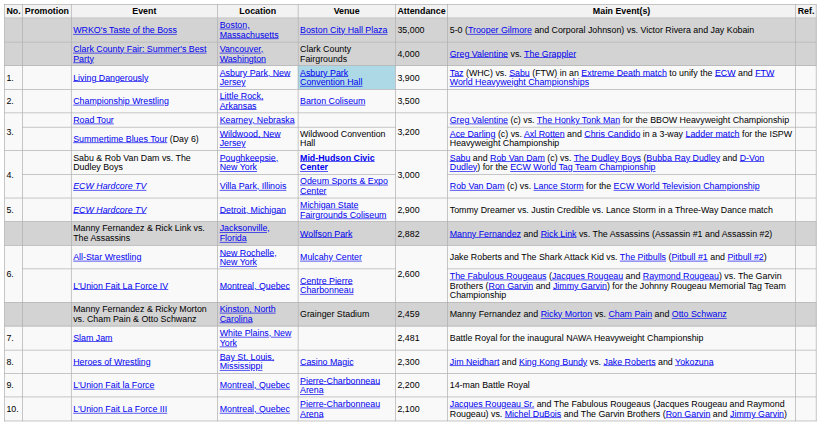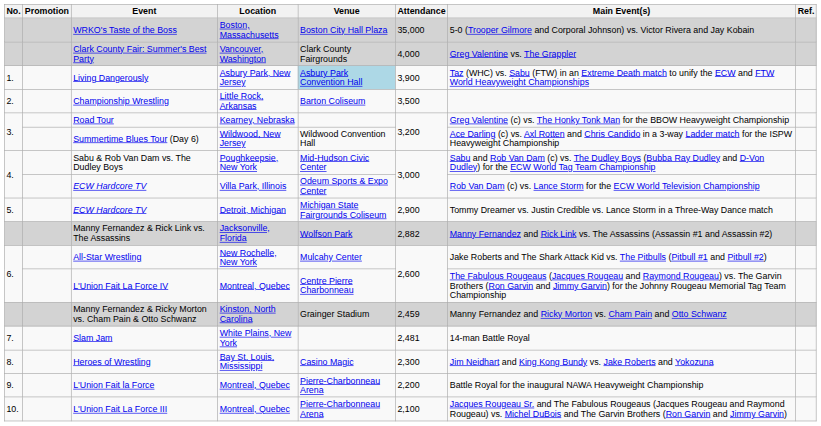 <table class="wikitable sortable" style="font-size:85%;">
 <tr>
 <th>No.</th>
 <th>Promotion</th>
 <th>Event</th>
 <th>Location</th>
 <th>Venue</th>
 <th>Attendance</th>
 <th class=unsortable>Main Event(s)</th>
 <th class=unsortable>Ref.</th>
 </tr>
 <tr>
 <td bgcolor=lightgrey></td>
 <td bgcolor=lightgrey></td>
 <td bgcolor=lightgrey><a href='#'>WRKO's Taste of the Boss</a> <br> </td>
 <td bgcolor=lightgrey><a href='#'>Boston, Massachusetts</a></td>
 <td bgcolor=lightgrey><a href='#'>Boston City Hall Plaza</a></td>
 <td bgcolor=lightgrey>35,000</td>
 <td bgcolor=lightgrey>5-0 (<a href='#'>Trooper Gilmore</a> and Corporal Johnson) vs. Victor Rivera  and Jay Kobain</td>
 <td bgcolor=lightgrey></td>
 </tr>
 <tr>
 <td bgcolor=lightgrey></td>
 <td bgcolor=lightgrey></td>
 <td bgcolor=lightgrey><a href='#'>Clark County Fair: Summer's Best Party</a> <br> </td>
 <td bgcolor=lightgrey><a href='#'>Vancouver, Washington</a></td>
 <td bgcolor=lightgrey>Clark County Fairgrounds</td>
 <td bgcolor=lightgrey>4,000</td>
 <td bgcolor=lightgrey><a href='#'>Greg Valentine</a> vs. <a href='#'>The Grappler</a></td>
 <td bgcolor=lightgrey></td>
 </tr>
 <tr>
 <td>1.</td>
 <td></td>
 <td><a href='#'>Living Dangerously</a> <br> </td>
 <td><a href='#'>Asbury Park, New Jersey</a></td>
 <td style="background: lightblue;"><a href='#'>Asbury Park Convention Hall</a></td>
 <td>3,900</td>
 <td><a href='#'>Taz</a> (WHC) vs. <a href='#'>Sabu</a> (FTW) in an <a href='#'>Extreme Death match</a> to unify the <a href='#'>ECW</a> and <a href='#'>FTW World Heavyweight Championships</a></td>
 <td></td>
 </tr>
 <tr>
 <td>2.</td>
 <td></td>
 <td><a href='#'>Championship Wrestling</a> <br> </td>
 <td><a href='#'>Little Rock, Arkansas</a></td>
 <td><a href='#'>Barton Coliseum</a></td>
 <td>3,500</td>
 <td></td>
 <td></td>
 </tr>
 <tr>
 <td rowspan=2>3.</td>
 <td></td>
 <td><a href='#'>Road Tour</a> <br> </td>
 <td><a href='#'>Kearney, Nebraska</a></td>
 <td></td>
 <td rowspan=2>3,200</td>
 <td><a href='#'>Greg Valentine</a> (c) vs. <a href='#'>The Honky Tonk Man</a> for the BBOW Heavyweight Championship</td>
 <td></td>
 </tr>
 <tr>
 <td></td>
 <td><a href='#'>Summertime Blues Tour</a> (Day 6) <br> </td>
 <td><a href='#'>Wildwood, New Jersey</a></td>
 <td>Wildwood Convention Hall</td>
 <td><a href='#'>Ace Darling</a> (c) vs. <a href='#'>Axl Rotten</a> and <a href='#'>Chris Candido</a> in a 3-way <a href='#'>Ladder match</a> for the ISPW Heavyweight Championship</td>
 <td></td>
 </tr>
 <tr>
 <td rowspan="2">4.</td>
 <td></td>
 <td>Sabu & Rob Van Dam vs. The Dudley Boys <br> </td>
 <td><a href='#'>Poughkeepsie, New York</a></td>
-<td><strong><a href='#'>Mid-Hudson Civic Center</a></strong></td>
+<td><a href='#'>Mid-Hudson Civic Center</a></td>
 <td rowspan="2">3,000</td>
 <td><a href='#'>Sabu</a> and <a href='#'>Rob Van Dam</a> (c) vs. <a href='#'>The Dudley Boys</a> (<a href='#'>Bubba Ray Dudley</a> and <a href='#'>D-Von Dudley</a>) for the <a href='#'>ECW World Tag Team Championship</a></td>
 <td></td>
 </tr>
 <tr>
 <td></td>
 <td><em><a href='#'>ECW Hardcore TV</a></em> <br> </td>
 <td><a href='#'>Villa Park, Illinois</a></td>
 <td><a href='#'>Odeum Sports & Expo Center</a></td>
 <td><a href='#'>Rob Van Dam</a> (c) vs. <a href='#'>Lance Storm</a> for the <a href='#'>ECW World Television Championship</a></td>
 <td></td>
 </tr>
 <tr>
 <td>5.</td>
 <td></td>
 <td><em><a href='#'>ECW Hardcore TV</a></em> <br> </td>
 <td><a href='#'>Detroit, Michigan</a></td>
 <td><a href='#'>Michigan State Fairgrounds Coliseum</a></td>
 <td>2,900</td>
 <td>Tommy Dreamer vs. Justin Credible vs. Lance Storm in a Three-Way Dance match</td>
 <td></td>
 </tr>
 <tr>
 <td bgcolor=lightgrey></td>
 <td bgcolor=lightgrey></td>
 <td bgcolor=lightgrey>Manny Fernandez & Rick Link vs. The Assassins <br> </td>
 <td bgcolor=lightgrey><a href='#'>Jacksonville, Florida</a></td>
 <td bgcolor=lightgrey><a href='#'>Wolfson Park</a></td>
 <td bgcolor=lightgrey>2,882</td>
 <td bgcolor=lightgrey><a href='#'>Manny Fernandez</a> and <a href='#'>Rick Link</a> vs. The Assassins (Assassin #1 and Assassin #2)</td>
 <td bgcolor=lightgrey></td>
 </tr>
 <tr>
 <td rowspan=2>6.</td>
 <td></td>
 <td><a href='#'>All-Star Wrestling</a> <br> </td>
 <td><a href='#'>New Rochelle, New York</a></td>
 <td><a href='#'>Mulcahy Center</a></td>
 <td rowspan=2>2,600</td>
 <td>Jake Roberts and The Shark Attack Kid vs. <a href='#'>The Pitbulls</a> (<a href='#'>Pitbull #1</a> and <a href='#'>Pitbull #2</a>)</td>
 <td></td>
 </tr>
 <tr>
 <td></td>
 <td><a href='#'>L'Union Fait La Force IV</a> <br> </td>
 <td><a href='#'>Montreal, Quebec</a></td>
 <td><a href='#'>Centre Pierre Charbonneau</a></td>
 <td><a href='#'>The Fabulous Rougeaus</a> (<a href='#'>Jacques Rougeau</a> and <a href='#'>Raymond Rougeau</a>) vs. The Garvin Brothers (<a href='#'>Ron Garvin</a> and <a href='#'>Jimmy Garvin</a>) for the Johnny Rougeau Memorial Tag Team Championship</td>
 <td></td>
 </tr>
 <tr>
 <td bgcolor=lightgrey></td>
 <td bgcolor=lightgrey></td>
 <td bgcolor=lightgrey>Manny Fernandez & Ricky Morton vs. Cham Pain & Otto Schwanz <br> </td>
 <td bgcolor=lightgrey><a href='#'>Kinston, North Carolina</a></td>
 <td bgcolor=lightgrey>Grainger Stadium</td>
 <td bgcolor=lightgrey>2,459</td>
 <td bgcolor=lightgrey>Manny Fernandez and <a href='#'>Ricky Morton</a> vs. <a href='#'>Cham Pain</a> and <a href='#'>Otto Schwanz</a></td>
 <td bgcolor=lightgrey></td>
 </tr>
 <tr>
 <td>7.</td>
 <td></td>
 <td><a href='#'>Slam Jam</a> <br> </td>
 <td><a href='#'>White Plains, New York</a></td>
 <td></td>
 <td>2,481</td>
-<td>Battle Royal for the inaugural NAWA Heavyweight Championship</td>
+<td>14-man Battle Royal</td>
 <td></td>
 </tr>
 <tr>
 <td>8.</td>
 <td></td>
 <td><a href='#'>Heroes of Wrestling</a> <br> </td>
 <td><a href='#'>Bay St. Louis, Mississippi</a></td>
 <td><a href='#'>Casino Magic</a></td>
 <td>2,300</td>
 <td><a href='#'>Jim Neidhart</a> and <a href='#'>King Kong Bundy</a> vs. <a href='#'>Jake Roberts</a> and <a href='#'>Yokozuna</a></td>
 <td></td>
 </tr>
 <tr>
 <td>9.</td>
 <td></td>
 <td><a href='#'>L'Union Fait la Force</a> <br> </td>
 <td><a href='#'>Montreal, Quebec</a></td>
 <td><a href='#'>Pierre-Charbonneau Arena</a></td>
 <td>2,200</td>
-<td>14-man Battle Royal</td>
+<td>Battle Royal for the inaugural NAWA Heavyweight Championship</td>
 <td></td>
 </tr>
 <tr>
 <td>10.</td>
 <td></td>
 <td><a href='#'>L'Union Fait La Force III</a> <br> </td>
 <td><a href='#'>Montreal, Quebec</a></td>
 <td><a href='#'>Pierre-Charbonneau Arena</a></td>
 <td>2,100</td>
 <td><a href='#'>Jacques Rougeau Sr.</a> and The Fabulous Rougeaus (Jacques Rougeau and Raymond Rougeau) vs. <a href='#'>Michel DuBois</a> and The Garvin Brothers (<a href='#'>Ron Garvin</a> and <a href='#'>Jimmy Garvin</a>)</td>
 <td></td>
 </tr>
 </table>
